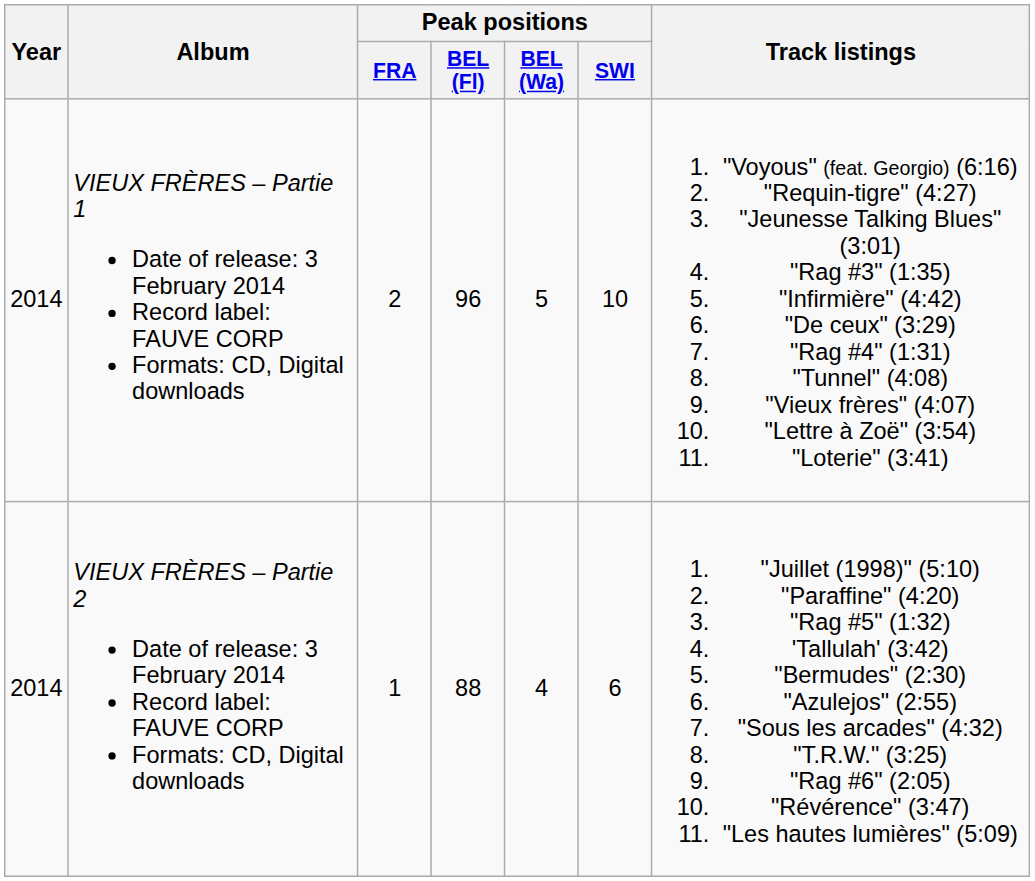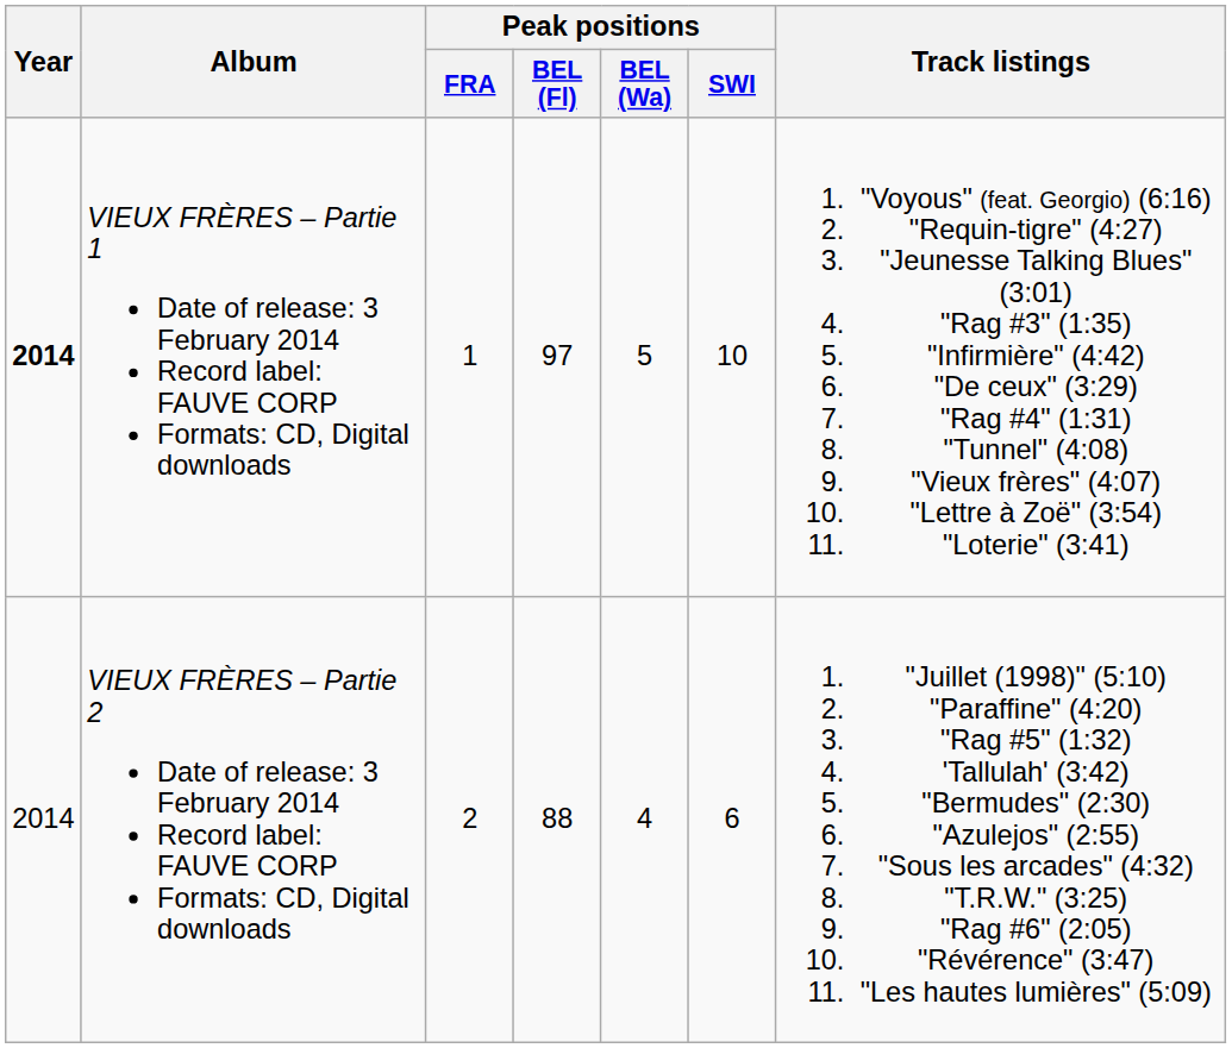 <table class="wikitable">
 <tr>
 <th align="center" rowspan="2" width="10">Year</th>
 <th align="center" rowspan="2" width="190">Album</th>
 <th align="center" colspan="4" width="20">Peak positions</th>
 <th align="center" rowspan="2" width="250">Track listings</th>
 </tr>
 <tr>
 <th scope="col" style="width:3em;font-size:90%;"><a href='#'>FRA</a><br></th>
 <th scope="col" style="width:3em;font-size:90%;"><a href='#'>BEL <br>(Fl)</a><br></th>
 <th scope="col" style="width:3em;font-size:90%;"><a href='#'>BEL <br>(Wa)</a><br></th>
 <th scope="col" style="width:3em;font-size:90%;"><a href='#'>SWI</a><br></th>
 </tr>
 <tr>
-<td style="text-align:center;">2014</td>
+<td style="text-align:center;"><strong>2014</strong></td>
 <td><em>VIEUX FRÈRES – Partie 1</em><br><ul><li>Date of release: 3 February 2014</li><li>Record label: FAUVE CORP</li><li>Formats: CD, Digital downloads</li></ul></td>
-<td style="text-align:center;">2</td>
-<td style="text-align:center;">96</td>
+<td style="text-align:center;">1</td>
+<td style="text-align:center;">97</td>
 <td style="text-align:center;">5</td>
 <td style="text-align:center;">10</td>
 <td style="text-align:center;"><br><ol><li>"Voyous" <small>(feat. Georgio)</small> (6:16)</li><li>"Requin-tigre" (4:27)</li><li>"Jeunesse Talking Blues" (3:01)</li><li>"Rag #3" (1:35)</li><li>"Infirmière" (4:42)</li><li>"De ceux" (3:29)</li><li>"Rag #4" (1:31)</li><li>"Tunnel" (4:08)</li><li>"Vieux frères" (4:07)</li><li>"Lettre à Zoë" (3:54)</li><li>"Loterie" (3:41)</li></ol></td>
 </tr>
 <tr>
 <td style="text-align:center;">2014</td>
 <td><em>VIEUX FRÈRES – Partie 2</em><br><ul><li>Date of release: 3 February 2014</li><li>Record label: FAUVE CORP</li><li>Formats: CD, Digital downloads</li></ul></td>
-<td style="text-align:center;">1</td>
+<td style="text-align:center;">2</td>
 <td style="text-align:center;">88</td>
 <td style="text-align:center;">4</td>
 <td style="text-align:center;">6</td>
 <td style="text-align:center;"><br><ol><li>"Juillet (1998)" (5:10)</li><li>"Paraffine" (4:20)</li><li>"Rag #5" (1:32)</li><li>'Tallulah' (3:42)</li><li>"Bermudes" (2:30)</li><li>"Azulejos" (2:55)</li><li>"Sous les arcades" (4:32)</li><li>"T.R.W." (3:25)</li><li>"Rag #6" (2:05)</li><li>"Révérence" (3:47)</li><li>"Les hautes lumières" (5:09)</li></ol></td>
 </tr>
 <tr>
 </tr>
 </table>
